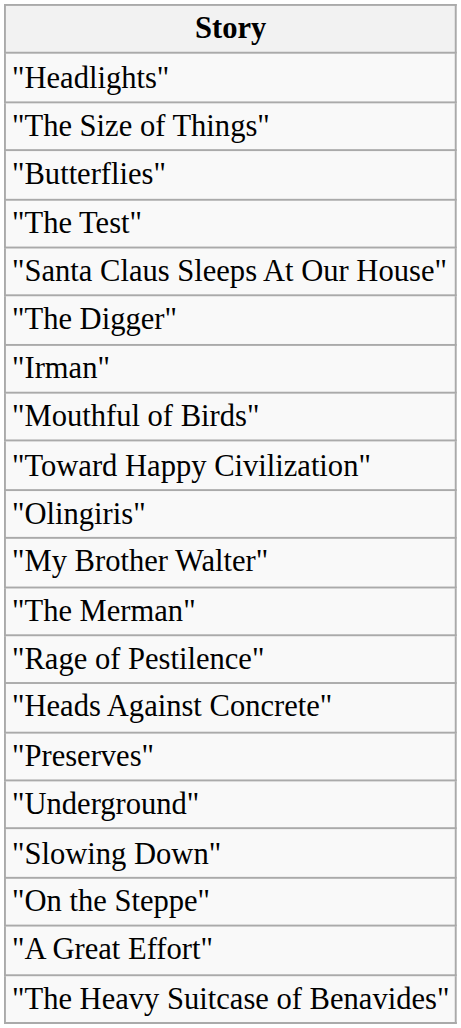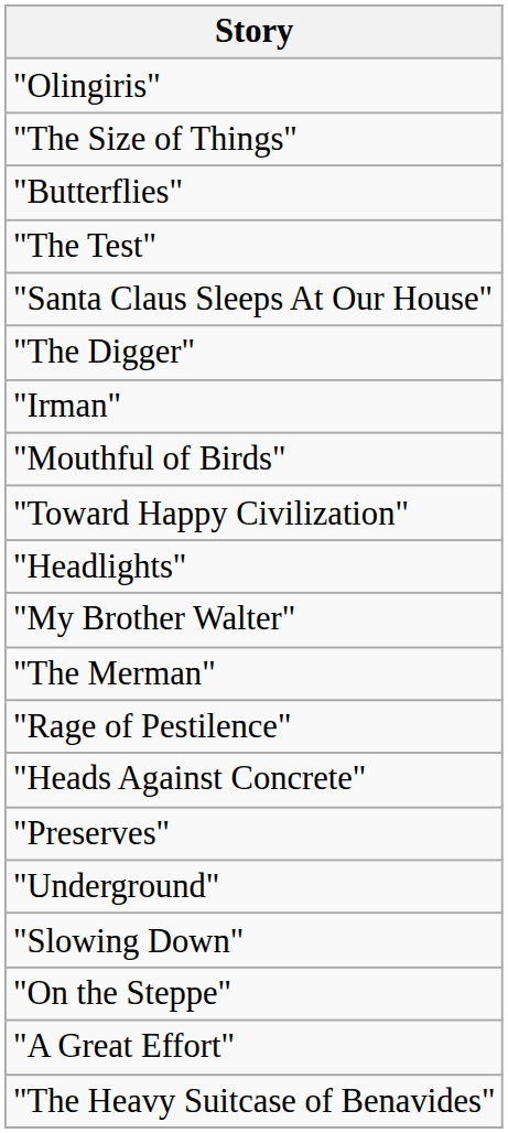 <table class="wikitable mw-collapsible">
 <tr>
 <th><strong>Story</strong></th>
 </tr>
 <tr>
-<td>"Headlights"</td>
+<td>"Olingiris"</td>
 </tr>
 <tr>
 <td>"The Size of Things"</td>
 </tr>
 <tr>
 <td>"Butterflies"</td>
 </tr>
 <tr>
 <td>"The Test"</td>
 </tr>
 <tr>
 <td>"Santa Claus Sleeps At Our House"</td>
 </tr>
 <tr>
 <td>"The Digger"</td>
 </tr>
 <tr>
 <td>"Irman"</td>
 </tr>
 <tr>
 <td>"Mouthful of Birds"</td>
 </tr>
 <tr>
 <td>"Toward Happy Civilization"</td>
 </tr>
 <tr>
-<td>"Olingiris"</td>
+<td>"Headlights"</td>
 </tr>
 <tr>
 <td>"My Brother Walter"</td>
 </tr>
 <tr>
 <td>"The Merman"</td>
 </tr>
 <tr>
 <td>"Rage of Pestilence"</td>
 </tr>
 <tr>
 <td>"Heads Against Concrete"</td>
 </tr>
 <tr>
 <td>"Preserves"</td>
 </tr>
 <tr>
 <td>"Underground"</td>
 </tr>
 <tr>
 <td>"Slowing Down"</td>
 </tr>
 <tr>
 <td>"On the Steppe"</td>
 </tr>
 <tr>
 <td>"A Great Effort"</td>
 </tr>
 <tr>
 <td>"The Heavy Suitcase of Benavides"</td>
 </tr>
 <tr>
 </tr>
 </table>
